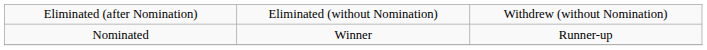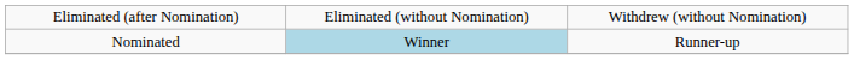 <table class="wikitable" style="text-align:center; width:100%; align="center">
 <tr>
 <td width=250> Eliminated (after Nomination)</td>
 <td width=250> Eliminated (without Nomination)</td>
 <td width=250> Withdrew (without Nomination)</td>
 </tr>
 <tr>
 <td width=250> Nominated</td>
-<td width=250> Winner</td>
+<td width=250 style="background: lightblue;"> Winner</td>
 <td width=250> Runner-up</td>
 </tr>
 <tr>
 </tr>
 </table>
